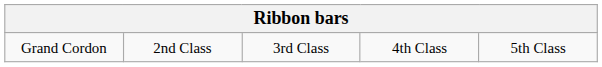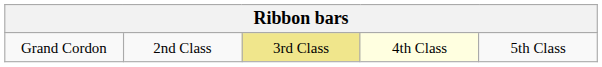 <table align=center class=wikitable width=60% style="margin:1em auto;">
 <tr>
 <th colspan=6>Ribbon bars</th>
 </tr>
 <tr>
 <td width=20% valign=top align=center><small>Grand Cordon</small></td>
 <td width=20% valign=top align=center><small>2nd Class</small></td>
-<td width=20% valign=top align=center><small>3rd Class</small></td>
-<td width=20% valign=top align=center><small>4th Class</small></td>
+<td width=20% valign=top align=center style="background: khaki;"><small>3rd Class</small></td>
+<td width=20% valign=top align=center style="background: lightyellow;"><small>4th Class</small></td>
 <td width=20% valign=top align=center><small>5th Class</small></td>
 </tr>
 </table>
